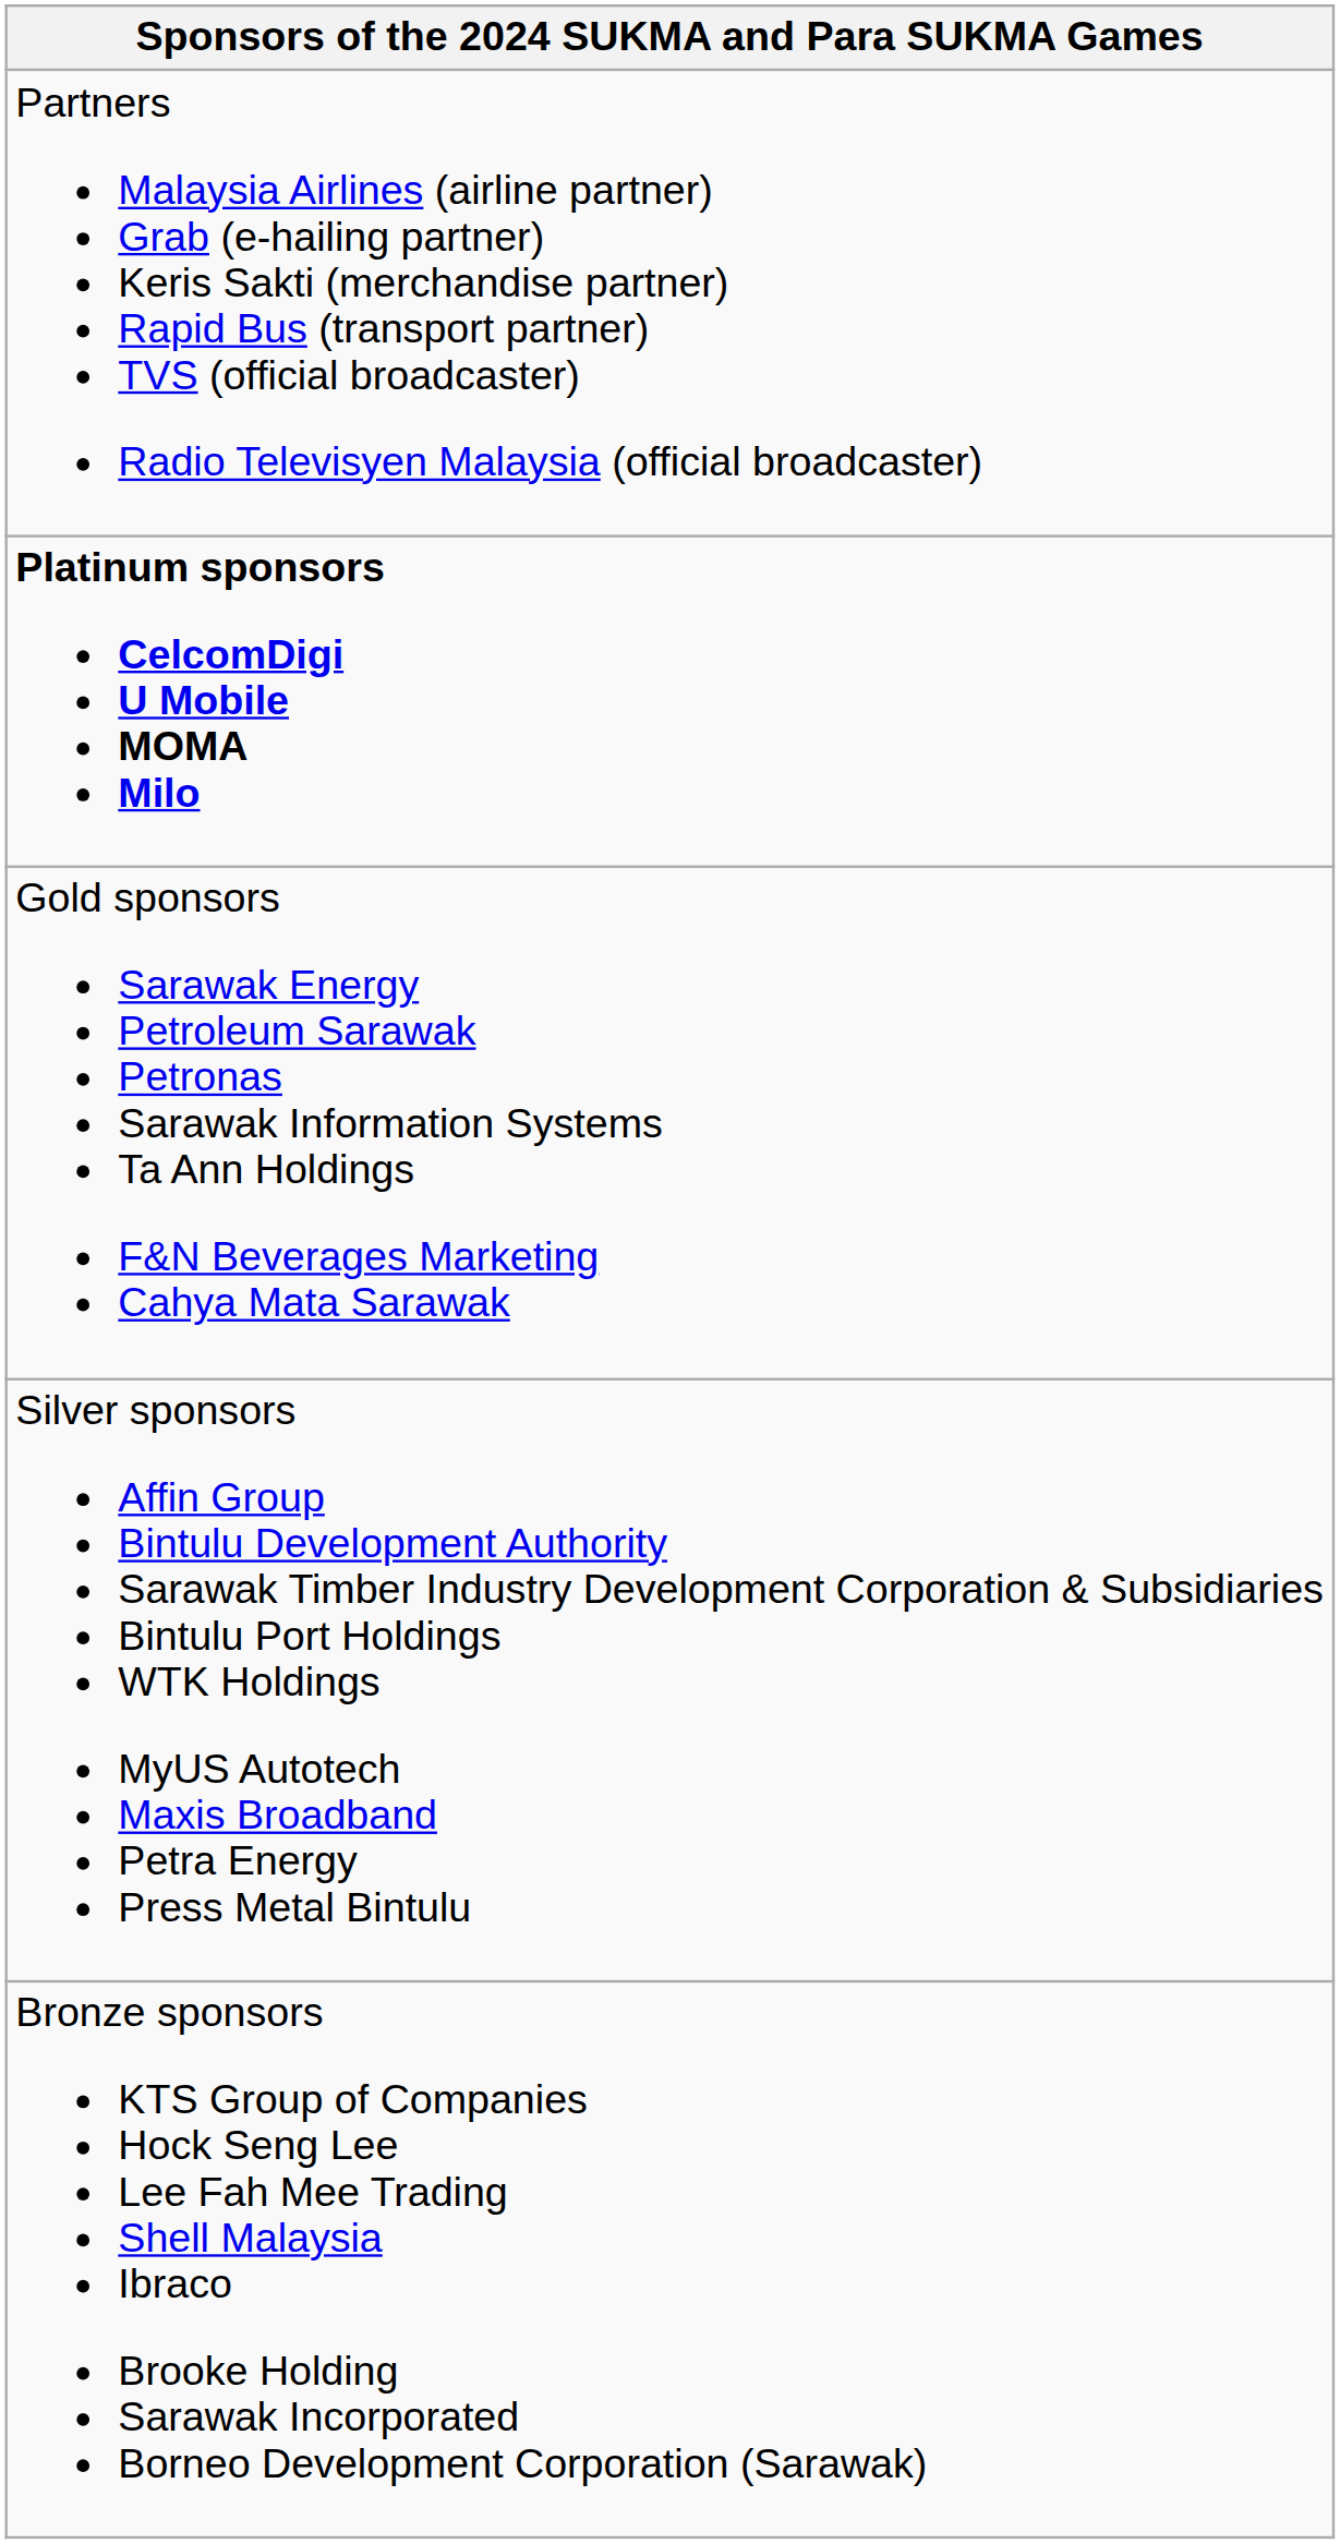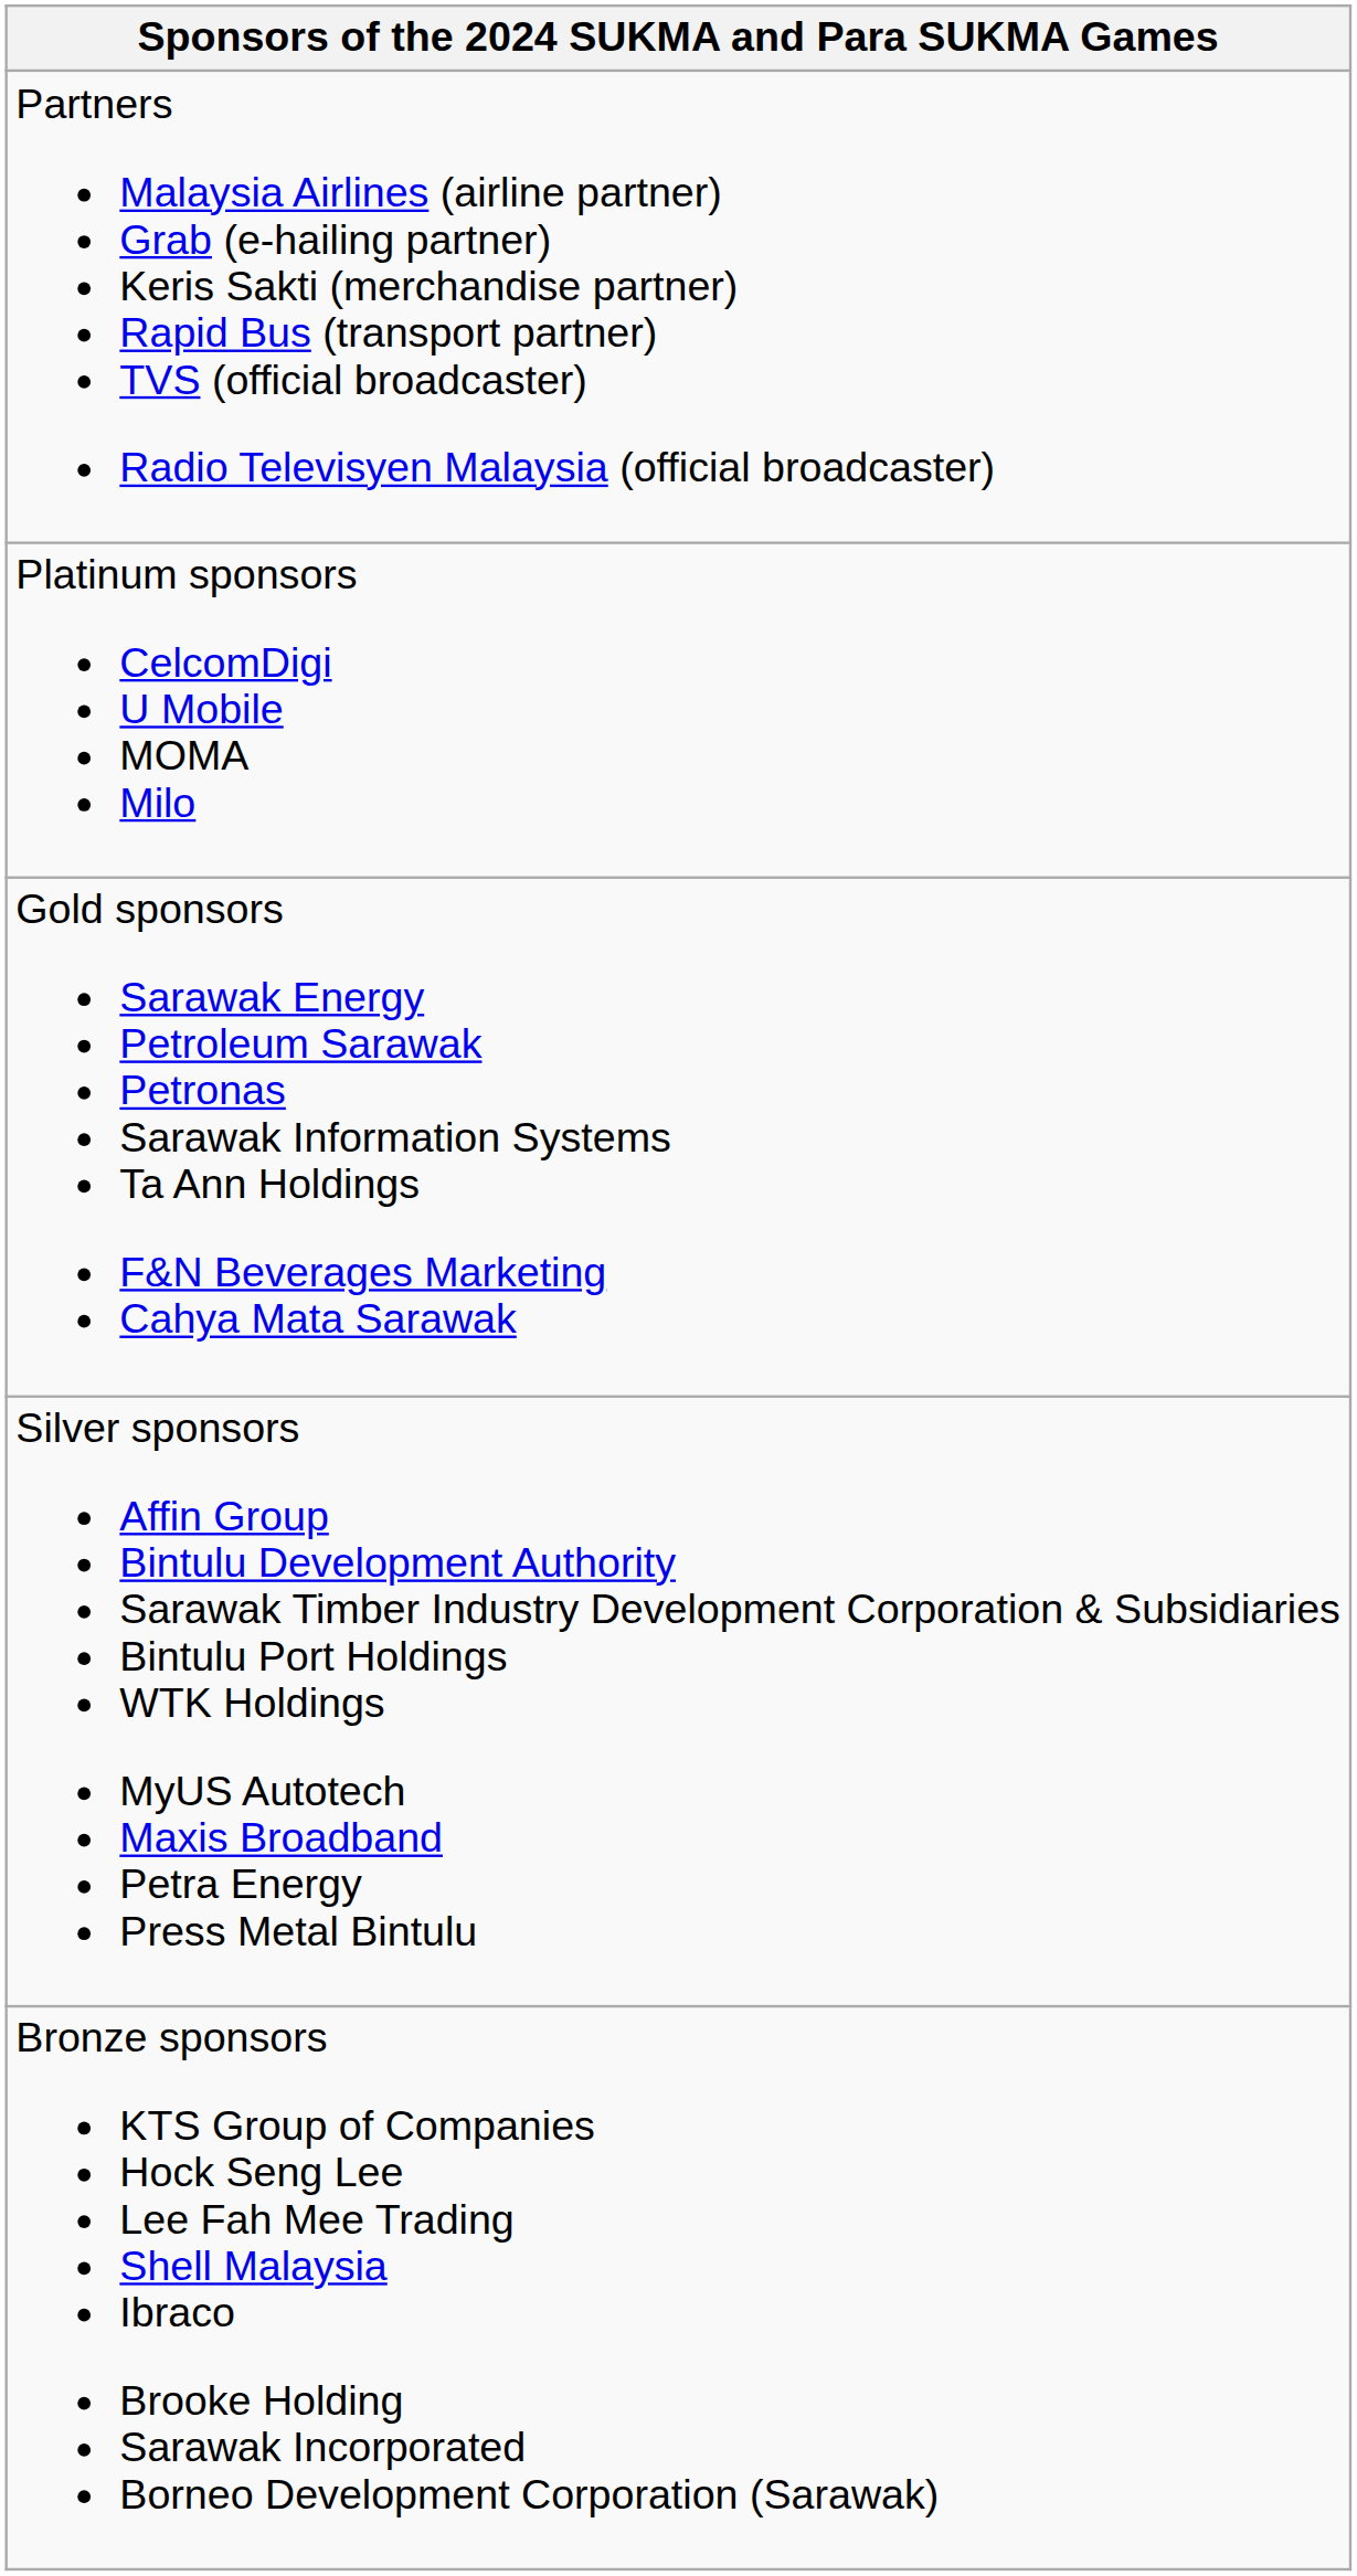 <table class="wikitable collapsible " style="float:center; margin:10px;">
 <tr>
 <th>Sponsors of the 2024 SUKMA and Para SUKMA Games</th>
 </tr>
 <tr>
 <td>Partners<br> <ul><li><a href='#'>Malaysia Airlines</a> (airline partner)</li><li><a href='#'>Grab</a> (e-hailing partner)</li><li>Keris Sakti (merchandise partner)</li><li><a href='#'>Rapid Bus</a> (transport partner)</li><li><a href='#'>TVS</a> (official broadcaster)</li></ul><ul><li><a href='#'>Radio Televisyen Malaysia</a> (official broadcaster)</li></ul></td>
 </tr>
 <tr>
-<td><strong>Platinum sponsors<br> <ul><li><a href='#'>CelcomDigi</a></li><li><a href='#'>U Mobile</a></li><li>MOMA</li><li><a href='#'>Milo</a></li></ul></strong></td>
+<td>Platinum sponsors<br> <ul><li><a href='#'>CelcomDigi</a></li><li><a href='#'>U Mobile</a></li><li>MOMA</li><li><a href='#'>Milo</a></li></ul></td>
 </tr>
 <tr>
 <td>Gold sponsors<br> <ul><li><a href='#'>Sarawak Energy</a></li><li><a href='#'>Petroleum Sarawak</a></li><li><a href='#'>Petronas</a></li><li>Sarawak Information Systems</li><li>Ta Ann Holdings</li></ul><ul><li><a href='#'>F&N Beverages Marketing</a></li><li><a href='#'>Cahya Mata Sarawak</a></li></ul></td>
 </tr>
 <tr>
 <td>Silver sponsors<br> <ul><li><a href='#'>Affin Group</a></li><li><a href='#'>Bintulu Development Authority</a></li><li>Sarawak Timber Industry Development Corporation & Subsidiaries</li><li>Bintulu Port Holdings</li><li>WTK Holdings</li></ul><ul><li>MyUS Autotech</li><li><a href='#'>Maxis Broadband</a></li><li>Petra Energy</li><li>Press Metal Bintulu</li></ul></td>
 </tr>
 <tr>
 <td>Bronze sponsors<br> <ul><li>KTS Group of Companies</li><li>Hock Seng Lee</li><li>Lee Fah Mee Trading</li><li><a href='#'>Shell Malaysia</a></li><li>Ibraco</li></ul><ul><li>Brooke Holding</li><li>Sarawak Incorporated</li><li>Borneo Development Corporation (Sarawak)</li></ul></td>
 </tr>
 </table>
